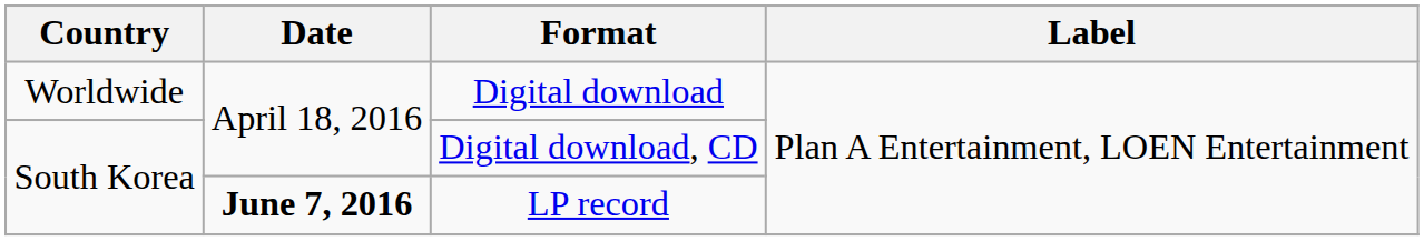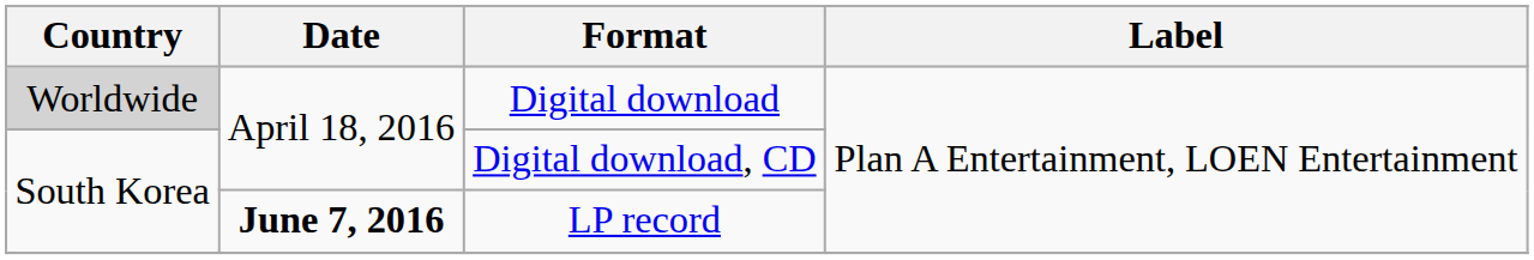 <table class="wikitable plainrowheaders" style="text-align:center">
 <tr>
 <th>Country</th>
 <th>Date</th>
 <th>Format</th>
 <th>Label</th>
 </tr>
 <tr>
-<td>Worldwide</td>
+<td style="background: lightgrey;">Worldwide</td>
 <td rowspan=2>April 18, 2016</td>
 <td><a href='#'>Digital download</a></td>
 <td rowspan=3>Plan A Entertainment, LOEN Entertainment</td>
 </tr>
 <tr>
 <td rowspan=2>South Korea</td>
 <td><a href='#'>Digital download</a>, <a href='#'>CD</a></td>
 </tr>
 <tr>
 <td><strong>June 7, 2016</strong></td>
 <td><a href='#'>LP record</a></td>
 </tr>
 <tr>
 </tr>
 </table>
